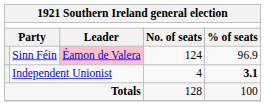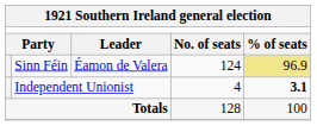 <table class="wikitable font-size: 95%;">
 <tr>
 <th colspan="5">1921 Southern Ireland general election</th>
 </tr>
 <tr>
 <th style="background-color:white;" colspan=5></th>
 </tr>
 <tr>
 <th colspan="2">Party</th>
 <th>Leader</th>
 <th>No. of seats</th>
 <th>% of seats</th>
 </tr>
 <tr>
 <th style="background-color: "></th>
 <td><a href='#'>Sinn Féin</a></td>
-<td style="background: pink;"><a href='#'>Éamon de Valera</a></td>
+<td><a href='#'>Éamon de Valera</a></td>
 <td align="right">124</td>
-<td align="right">96.9</td>
+<td align="right" style="background: khaki;">96.9</td>
 </tr>
 <tr>
 <th style="background-color: "></th>
 <td colspan="2"><a href='#'>Independent Unionist</a></td>
 <td align="right">4</td>
 <td align="right"><strong>3.1</strong></td>
 </tr>
 <tr style="background-color:#F6F6F6">
 <td colspan="3" align="right"><strong>Totals</strong></td>
 <td align="right">128</td>
 <td align="right">100</td>
 </tr>
 <tr>
 </tr>
 </table>
